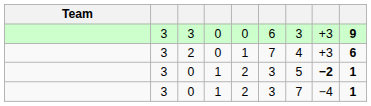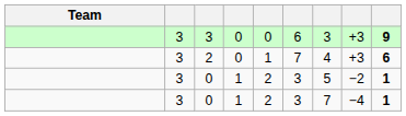 <table class="wikitable" style="text-align: center; font-size: 90%;">
 <tr>
 <th width=165>Team</th>
 <th width=25></th>
 <th width=25></th>
 <th width=25></th>
 <th width=25></th>
 <th width=25></th>
 <th width=25></th>
 <th width=25></th>
 <th width=25></th>
 </tr>
 <tr bgcolor=ccffcc>
 <td align="left"></td>
 <td>3</td>
 <td>3</td>
 <td>0</td>
 <td>0</td>
 <td>6</td>
 <td>3</td>
 <td>+3</td>
 <td><strong>9</strong></td>
 </tr>
 <tr>
 <td align="left"><em></em></td>
 <td>3</td>
 <td>2</td>
 <td>0</td>
 <td>1</td>
 <td>7</td>
 <td>4</td>
 <td>+3</td>
 <td><strong>6</strong></td>
 </tr>
 <tr>
 <td align="left"></td>
 <td>3</td>
 <td>0</td>
 <td>1</td>
 <td>2</td>
 <td>3</td>
 <td>5</td>
-<td><strong>−2</strong></td>
+<td>−2</td>
 <td><strong>1</strong></td>
 </tr>
 <tr>
 <td align="left"></td>
 <td>3</td>
 <td>0</td>
 <td>1</td>
 <td>2</td>
 <td>3</td>
 <td>7</td>
 <td>−4</td>
 <td><strong>1</strong></td>
 </tr>
 </table>
